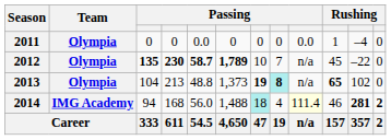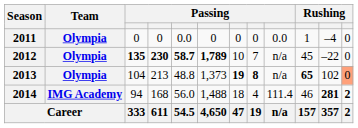 <table class=wikitable style="text-align:center;">
 <tr>
 <th rowspan="2">Season</th>
 <th rowspan="2">Team</th>
 <th colspan="7">Passing</th>
 <th colspan="3">Rushing</th>
 </tr>
 <tr>
 <th></th>
 <th></th>
 <th></th>
 <th></th>
 <th></th>
 <th></th>
 <th></th>
 <th></th>
 <th></th>
 <th></th>
 </tr>
 <tr>
 <th>2011</th>
 <th><a href='#'>Olympia</a></th>
 <td>0</td>
 <td>0</td>
 <td>0.0</td>
 <td>0</td>
 <td>0</td>
 <td>0</td>
 <td>0.0</td>
 <td>1</td>
 <td>–4</td>
 <td>0</td>
 </tr>
 <tr>
 <th>2012</th>
 <th><a href='#'>Olympia</a></th>
 <td><strong>135</strong></td>
 <td><strong>230</strong></td>
 <td><strong>58.7</strong></td>
 <td><strong>1,789</strong></td>
 <td>10</td>
 <td>7</td>
 <td>n/a</td>
 <td>45</td>
 <td>–22</td>
 <td>0</td>
 </tr>
 <tr>
 <th>2013</th>
 <th><a href='#'>Olympia</a></th>
 <td>104</td>
 <td>213</td>
 <td>48.8</td>
 <td>1,373</td>
 <td><strong>19</strong></td>
-<td style="background: paleturquoise;"><strong>8</strong></td>
+<td><strong>8</strong></td>
 <td>n/a</td>
 <td><strong>65</strong></td>
 <td>102</td>
-<td>0</td>
+<td style="background: lightsalmon;">0</td>
 </tr>
 <tr>
 <th>2014</th>
 <th><a href='#'>IMG Academy</a></th>
 <td>94</td>
 <td>168</td>
 <td>56.0</td>
 <td>1,488</td>
-<td style="background: paleturquoise;">18</td>
+<td>18</td>
 <td>4</td>
-<td style="background: lightyellow;">111.4</td>
+<td>111.4</td>
 <td>46</td>
 <td><strong>281</strong></td>
 <td><strong>2</strong></td>
 </tr>
 <tr>
 <th colspan="2">Career</th>
 <th>333</th>
 <th>611</th>
 <th>54.5</th>
 <th>4,650</th>
 <th>47</th>
 <th>19</th>
 <th>n/a</th>
 <th>157</th>
 <th>357</th>
 <th>2</th>
 </tr>
 </table>
